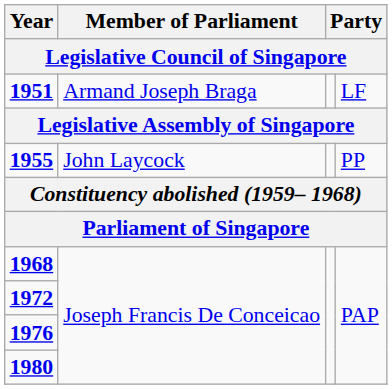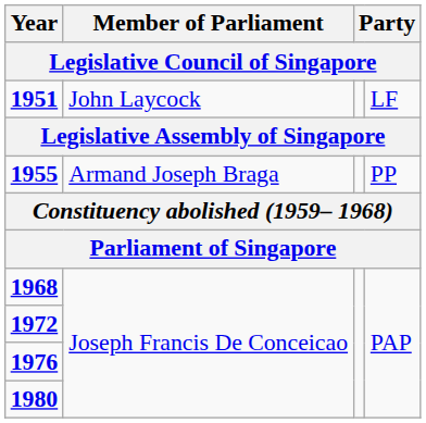 <table class="wikitable">
 <tr>
 <th>Year</th>
 <th>Member of Parliament</th>
 <th colspan="2">Party</th>
 </tr>
 <tr>
 <th colspan="4"><a href='#'>Legislative Council of Singapore</a></th>
 </tr>
 <tr>
 <td><a href='#'><strong>1951</strong></a></td>
-<td><a href='#'>Armand Joseph Braga</a></td>
+<td><a href='#'>John Laycock</a></td>
 <td></td>
 <td><a href='#'>LF</a></td>
 </tr>
 <tr>
 <th colspan="4"><a href='#'>Legislative Assembly of Singapore</a></th>
 </tr>
 <tr>
 <td><a href='#'><strong>1955</strong></a></td>
-<td><a href='#'>John Laycock</a></td>
+<td><a href='#'>Armand Joseph Braga</a></td>
 <td></td>
 <td><a href='#'>PP</a></td>
 </tr>
 <tr>
 <th colspan="4"><em>Constituency abolished (1959– 1968)</em></th>
 </tr>
 <tr>
 <th colspan="4"><a href='#'>Parliament of Singapore</a></th>
 </tr>
 <tr>
 <td><a href='#'><strong>1968</strong></a></td>
 <td rowspan="4"><a href='#'>Joseph Francis De Conceicao</a></td>
 <td rowspan="4"></td>
 <td rowspan="4"><a href='#'>PAP</a></td>
 </tr>
 <tr>
 <td><a href='#'><strong>1972</strong></a></td>
 </tr>
 <tr>
 <td><a href='#'><strong>1976</strong></a></td>
 </tr>
 <tr>
 <td><a href='#'><strong>1980</strong></a></td>
 </tr>
 </table>
